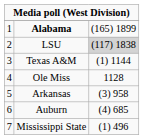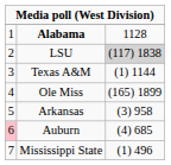 <table class="wikitable" style="display: inline-table;">
 <tr>
 <td align="center" Colspan="3"><strong>Media poll (West Division)</strong></td>
 </tr>
 <tr align="center">
 </tr>
 <tr align="center">
 <td>1</td>
 <td><strong>Alabama</strong></td>
-<td>(165) 1899</td>
+<td>1128</td>
 </tr>
 <tr align="center">
 <td>2</td>
 <td>LSU</td>
 <td style="background: lightgrey;">(117) 1838</td>
 </tr>
 <tr align="center">
 <td>3</td>
 <td>Texas A&M</td>
 <td>(1) 1144</td>
 </tr>
 <tr align="center">
 <td>4</td>
 <td>Ole Miss</td>
-<td>1128</td>
+<td>(165) 1899</td>
 </tr>
 <tr align="center">
 <td>5</td>
 <td>Arkansas</td>
 <td>(3) 958</td>
 </tr>
 <tr align="center">
-<td>6</td>
+<td style="background: pink;">6</td>
 <td>Auburn</td>
 <td>(4) 685</td>
 </tr>
 <tr align="center">
 <td>7</td>
 <td>Mississippi State</td>
 <td>(1) 496</td>
 </tr>
 </table>
